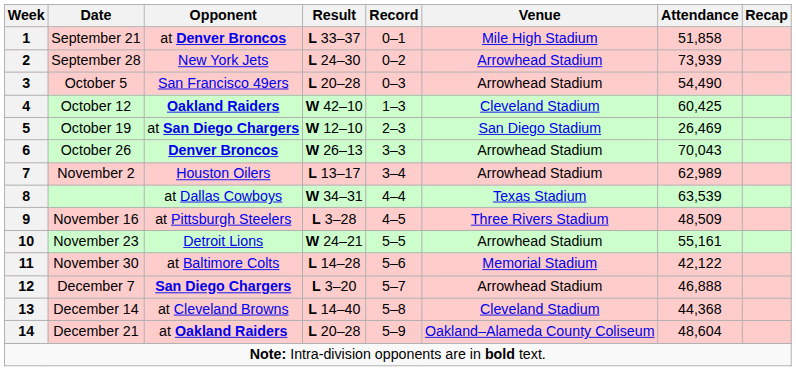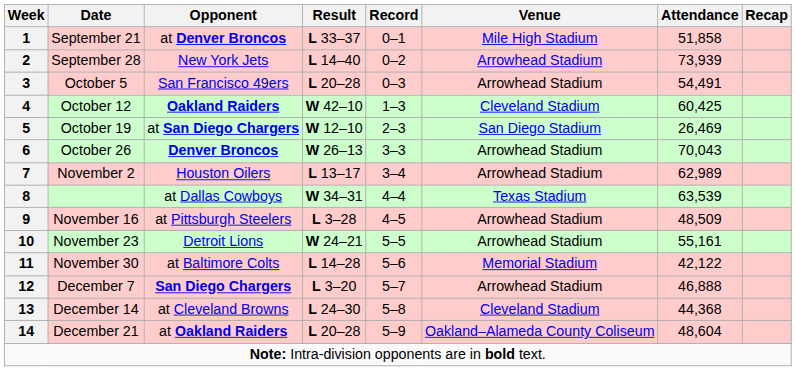 <table class="wikitable" style="text-align:center">
 <tr>
 <th>Week</th>
 <th>Date</th>
 <th>Opponent</th>
 <th>Result</th>
 <th>Record</th>
 <th>Venue</th>
 <th>Attendance</th>
 <th>Recap</th>
 </tr>
 <tr style="background:#fcc">
 <th>1</th>
 <td>September 21</td>
 <td>at <strong><a href='#'>Denver Broncos</a></strong></td>
 <td><strong>L</strong> 33–37</td>
 <td>0–1</td>
 <td><a href='#'>Mile High Stadium</a></td>
 <td>51,858</td>
 <td></td>
 </tr>
 <tr style="background:#fcc">
 <th>2</th>
 <td>September 28</td>
 <td><a href='#'>New York Jets</a></td>
-<td><strong>L</strong> 24–30</td>
+<td><strong>L</strong> 14–40</td>
 <td>0–2</td>
 <td><a href='#'>Arrowhead Stadium</a></td>
 <td>73,939</td>
 <td></td>
 </tr>
 <tr style="background:#fcc">
 <th>3</th>
 <td>October 5</td>
 <td><a href='#'>San Francisco 49ers</a></td>
 <td><strong>L</strong> 20–28</td>
 <td>0–3</td>
 <td>Arrowhead Stadium</td>
-<td>54,490</td>
+<td>54,491</td>
 <td></td>
 </tr>
 <tr style="background:#cfc">
 <th>4</th>
 <td>October 12</td>
 <td><strong><a href='#'>Oakland Raiders</a></strong></td>
 <td><strong>W</strong> 42–10</td>
 <td>1–3</td>
 <td><a href='#'>Cleveland Stadium</a></td>
 <td>60,425</td>
 <td></td>
 </tr>
 <tr style="background:#cfc">
 <th>5</th>
 <td>October 19</td>
 <td>at <strong><a href='#'>San Diego Chargers</a></strong></td>
 <td><strong>W</strong> 12–10</td>
 <td>2–3</td>
 <td><a href='#'>San Diego Stadium</a></td>
 <td>26,469</td>
 <td></td>
 </tr>
 <tr style="background:#cfc">
 <th>6</th>
 <td>October 26</td>
 <td><strong><a href='#'>Denver Broncos</a></strong></td>
 <td><strong>W</strong> 26–13</td>
 <td>3–3</td>
 <td>Arrowhead Stadium</td>
 <td>70,043</td>
 <td></td>
 </tr>
 <tr style="background:#fcc">
 <th>7</th>
 <td>November 2</td>
 <td><a href='#'>Houston Oilers</a></td>
 <td><strong>L</strong> 13–17</td>
 <td>3–4</td>
 <td>Arrowhead Stadium</td>
 <td>62,989</td>
 <td></td>
 </tr>
 <tr style="background:#cfc">
 <th>8</th>
 <td></td>
 <td>at <a href='#'>Dallas Cowboys</a></td>
 <td><strong>W</strong> 34–31</td>
 <td>4–4</td>
 <td><a href='#'>Texas Stadium</a></td>
 <td>63,539</td>
 <td></td>
 </tr>
 <tr style="background:#fcc">
 <th>9</th>
 <td>November 16</td>
 <td>at <a href='#'>Pittsburgh Steelers</a></td>
 <td><strong>L</strong> 3–28</td>
 <td>4–5</td>
-<td><a href='#'>Three Rivers Stadium</a></td>
+<td>Arrowhead Stadium</td>
 <td>48,509</td>
 <td></td>
 </tr>
 <tr style="background:#cfc">
 <th>10</th>
 <td>November 23</td>
 <td><a href='#'>Detroit Lions</a></td>
 <td><strong>W</strong> 24–21 </td>
 <td>5–5</td>
 <td>Arrowhead Stadium</td>
 <td>55,161</td>
 <td></td>
 </tr>
 <tr style="background:#fcc">
 <th>11</th>
 <td>November 30</td>
 <td>at <a href='#'>Baltimore Colts</a></td>
 <td><strong>L</strong> 14–28</td>
 <td>5–6</td>
 <td><a href='#'>Memorial Stadium</a></td>
 <td>42,122</td>
 <td></td>
 </tr>
 <tr style="background:#fcc">
 <th>12</th>
 <td>December 7</td>
 <td><strong><a href='#'>San Diego Chargers</a></strong></td>
 <td><strong>L</strong> 3–20</td>
 <td>5–7</td>
 <td>Arrowhead Stadium</td>
 <td>46,888</td>
 <td></td>
 </tr>
 <tr style="background:#fcc">
 <th>13</th>
 <td>December 14</td>
 <td>at <a href='#'>Cleveland Browns</a></td>
-<td><strong>L</strong> 14–40</td>
+<td><strong>L</strong> 24–30</td>
 <td>5–8</td>
 <td><a href='#'>Cleveland Stadium</a></td>
 <td>44,368</td>
 <td></td>
 </tr>
 <tr style="background:#fcc">
 <th>14</th>
 <td>December 21</td>
 <td>at <strong><a href='#'>Oakland Raiders</a></strong></td>
 <td><strong>L</strong> 20–28</td>
 <td>5–9</td>
 <td><a href='#'>Oakland–Alameda County Coliseum</a></td>
 <td>48,604</td>
 <td></td>
 </tr>
 <tr>
 <td colspan="8"><strong>Note:</strong> Intra-division opponents are in <strong>bold</strong> text.</td>
 </tr>
 </table>
